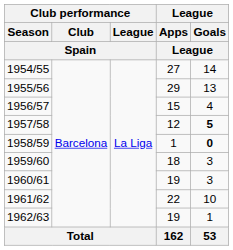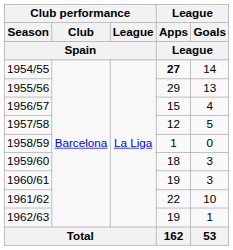 <table class="wikitable" style="text-align:center;">
 <tr>
 <th colspan=3>Club performance</th>
 <th colspan=2>League</th>
 </tr>
 <tr>
 <th>Season</th>
 <th>Club</th>
 <th>League</th>
 <th>Apps</th>
 <th>Goals</th>
 </tr>
 <tr>
 <th colspan=3>Spain</th>
 <th colspan=2>League</th>
 </tr>
 <tr>
 <td>1954/55</td>
 <td rowspan="9"><a href='#'>Barcelona</a></td>
 <td rowspan="9"><a href='#'>La Liga</a></td>
-<td>27</td>
+<td><strong>27</strong></td>
 <td>14</td>
 </tr>
 <tr>
 <td>1955/56</td>
 <td>29</td>
 <td>13</td>
 </tr>
 <tr>
 <td>1956/57</td>
 <td>15</td>
 <td>4</td>
 </tr>
 <tr>
 <td>1957/58</td>
 <td>12</td>
-<td><strong>5</strong></td>
+<td>5</td>
 </tr>
 <tr>
 <td>1958/59</td>
 <td>1</td>
-<td><strong>0</strong></td>
+<td>0</td>
 </tr>
 <tr>
 <td>1959/60</td>
 <td>18</td>
 <td>3</td>
 </tr>
 <tr>
 <td>1960/61</td>
 <td>19</td>
 <td>3</td>
 </tr>
 <tr>
 <td>1961/62</td>
 <td>22</td>
 <td>10</td>
 </tr>
 <tr>
 <td>1962/63</td>
 <td>19</td>
 <td>1</td>
 </tr>
 <tr>
 <th colspan=3>Total</th>
 <th>162</th>
 <th>53</th>
 </tr>
 </table>
